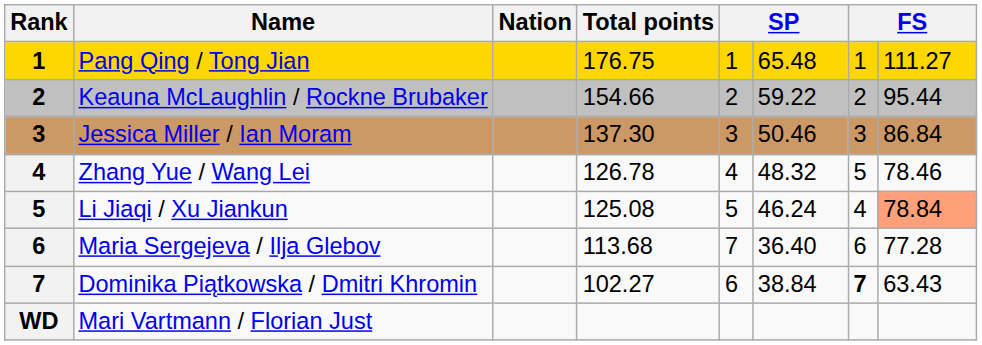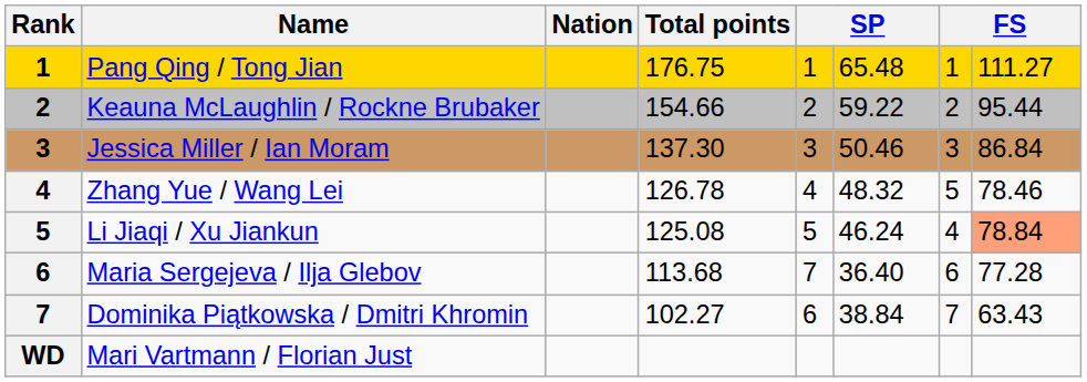 <table class="wikitable">
 <tr>
 <th>Rank</th>
 <th>Name</th>
 <th>Nation</th>
 <th>Total points</th>
 <th colspan="2" width="80px"><a href='#'>SP</a></th>
 <th colspan="2" width="80px"><a href='#'>FS</a></th>
 </tr>
 <tr bgcolor="gold">
 <td align="center"><strong>1</strong></td>
 <td><a href='#'>Pang Qing</a> / <a href='#'>Tong Jian</a></td>
 <td></td>
 <td>176.75</td>
 <td>1</td>
 <td>65.48</td>
 <td>1</td>
 <td>111.27</td>
 </tr>
 <tr bgcolor="silver">
 <td align="center"><strong>2</strong></td>
 <td><a href='#'>Keauna McLaughlin</a> / <a href='#'>Rockne Brubaker</a></td>
 <td></td>
 <td>154.66</td>
 <td>2</td>
 <td>59.22</td>
 <td>2</td>
 <td>95.44</td>
 </tr>
 <tr bgcolor="cc9966">
 <td align="center"><strong>3</strong></td>
 <td><a href='#'>Jessica Miller</a> / <a href='#'>Ian Moram</a></td>
 <td></td>
 <td>137.30</td>
 <td>3</td>
 <td>50.46</td>
 <td>3</td>
 <td>86.84</td>
 </tr>
 <tr>
 <th>4</th>
 <td><a href='#'>Zhang Yue</a> / <a href='#'>Wang Lei</a></td>
 <td></td>
 <td>126.78</td>
 <td>4</td>
 <td>48.32</td>
 <td>5</td>
 <td>78.46</td>
 </tr>
 <tr>
 <th>5</th>
 <td><a href='#'>Li Jiaqi</a> / <a href='#'>Xu Jiankun</a></td>
 <td></td>
 <td>125.08</td>
 <td>5</td>
 <td>46.24</td>
 <td>4</td>
 <td style="background: lightsalmon;">78.84</td>
 </tr>
 <tr>
 <th>6</th>
 <td><a href='#'>Maria Sergejeva</a> / <a href='#'>Ilja Glebov</a></td>
 <td></td>
 <td>113.68</td>
 <td>7</td>
 <td>36.40</td>
 <td>6</td>
 <td>77.28</td>
 </tr>
 <tr>
 <th>7</th>
 <td><a href='#'>Dominika Piątkowska</a> / <a href='#'>Dmitri Khromin</a></td>
 <td></td>
 <td>102.27</td>
 <td>6</td>
 <td>38.84</td>
-<td><strong>7</strong></td>
+<td>7</td>
 <td>63.43</td>
 </tr>
 <tr>
 <th>WD</th>
 <td><a href='#'>Mari Vartmann</a> / <a href='#'>Florian Just</a></td>
 <td></td>
 <td></td>
 <td></td>
 <td></td>
 <td></td>
 <td></td>
 </tr>
 </table>
